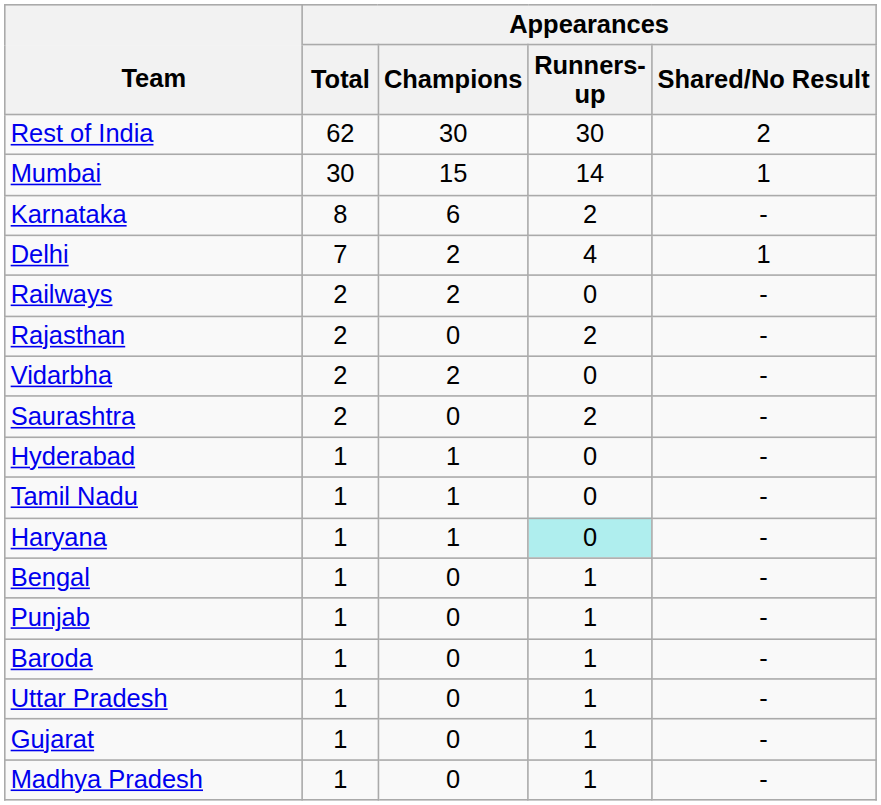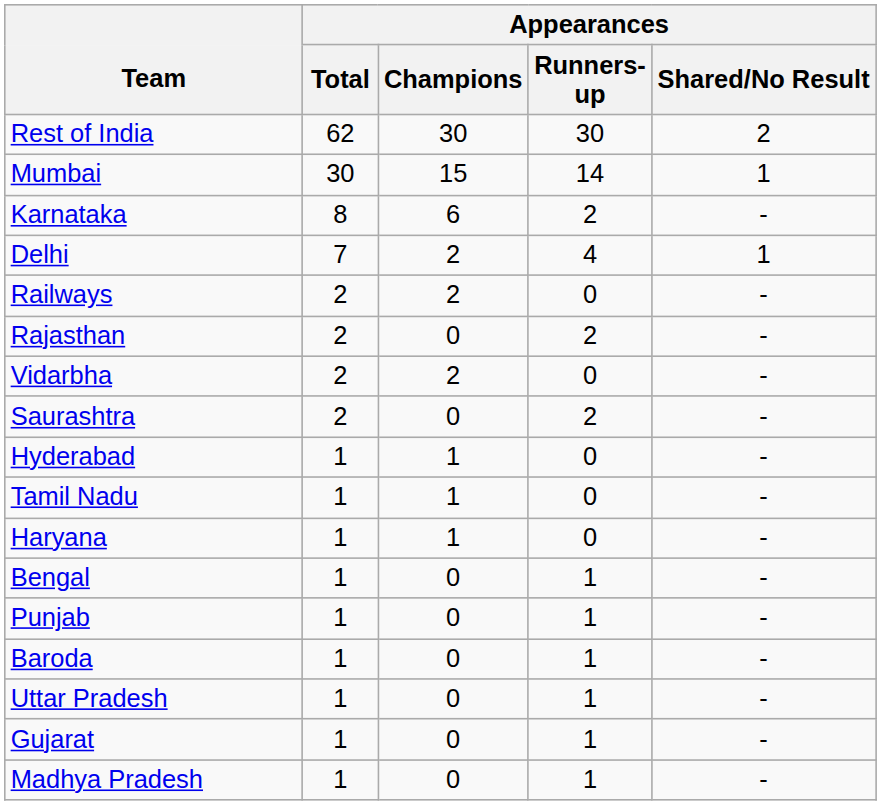 <table class="wikitable sortable" style="text-align: center;">
 <tr>
 <th style="border-bottom:none"></th>
 <th colspan="4">Appearances</th>
 </tr>
 <tr>
 <th style="border-top:none;width:180px;">Team</th>
 <th width="40">Total</th>
 <th width="40">Champions</th>
 <th width="40">Runners-up</th>
 <th>Shared/No Result</th>
 </tr>
 <tr>
 <td style="text-align:left;"><a href='#'>Rest of India</a></td>
 <td>62</td>
 <td>30</td>
 <td>30</td>
 <td>2</td>
 </tr>
 <tr>
 <td style="text-align:left;"><a href='#'>Mumbai</a></td>
 <td>30</td>
 <td>15</td>
 <td>14</td>
 <td>1</td>
 </tr>
 <tr>
 <td style="text-align:left;"><a href='#'>Karnataka</a></td>
 <td>8</td>
 <td>6</td>
 <td>2</td>
 <td>-</td>
 </tr>
 <tr>
 <td style="text-align:left;"><a href='#'>Delhi</a></td>
 <td>7</td>
 <td>2</td>
 <td>4</td>
 <td>1</td>
 </tr>
 <tr>
 <td style="text-align:left;"><a href='#'>Railways</a></td>
 <td>2</td>
 <td>2</td>
 <td>0</td>
 <td>-</td>
 </tr>
 <tr>
 <td style="text-align:left;"><a href='#'>Rajasthan</a></td>
 <td>2</td>
 <td>0</td>
 <td>2</td>
 <td>-</td>
 </tr>
 <tr>
 <td style="text-align:left;"><a href='#'>Vidarbha</a></td>
 <td>2</td>
 <td>2</td>
 <td>0</td>
 <td>-</td>
 </tr>
 <tr>
 <td style="text-align:left;"><a href='#'>Saurashtra</a></td>
 <td>2</td>
 <td>0</td>
 <td>2</td>
 <td>-</td>
 </tr>
 <tr>
 <td style="text-align:left;"><a href='#'>Hyderabad</a></td>
 <td>1</td>
 <td>1</td>
 <td>0</td>
 <td>-</td>
 </tr>
 <tr>
 <td style="text-align:left;"><a href='#'>Tamil Nadu</a></td>
 <td>1</td>
 <td>1</td>
 <td>0</td>
 <td>-</td>
 </tr>
 <tr>
 <td style="text-align:left;"><a href='#'>Haryana</a></td>
 <td>1</td>
 <td>1</td>
-<td style="background: paleturquoise;">0</td>
+<td>0</td>
 <td>-</td>
 </tr>
 <tr>
 <td style="text-align:left;"><a href='#'>Bengal</a></td>
 <td>1</td>
 <td>0</td>
 <td>1</td>
 <td>-</td>
 </tr>
 <tr>
 <td style="text-align:left;"><a href='#'>Punjab</a></td>
 <td>1</td>
 <td>0</td>
 <td>1</td>
 <td>-</td>
 </tr>
 <tr>
 <td style="text-align:left;"><a href='#'>Baroda</a></td>
 <td>1</td>
 <td>0</td>
 <td>1</td>
 <td>-</td>
 </tr>
 <tr>
 <td style="text-align:left;"><a href='#'>Uttar Pradesh</a></td>
 <td>1</td>
 <td>0</td>
 <td>1</td>
 <td>-</td>
 </tr>
 <tr>
 <td style="text-align:left;"><a href='#'>Gujarat</a></td>
 <td>1</td>
 <td>0</td>
 <td>1</td>
 <td>-</td>
 </tr>
 <tr>
 <td style="text-align:left;"><a href='#'>Madhya Pradesh</a></td>
 <td>1</td>
 <td>0</td>
 <td>1</td>
 <td>-</td>
 </tr>
 </table>
